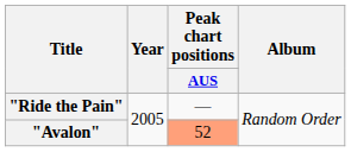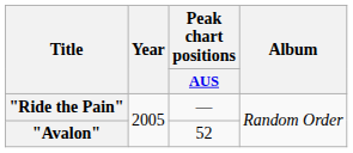 <table class="wikitable plainrowheaders" style="text-align:center;">
 <tr>
 <th scope="col" rowspan="2">Title</th>
 <th scope="col" rowspan="2">Year</th>
 <th scope="col" colspan="1">Peak chart positions</th>
 <th scope="col" rowspan="2">Album</th>
 </tr>
 <tr>
 <th scope="col" style="width:3em;font-size:90%;"><a href='#'>AUS</a><br></th>
 </tr>
 <tr>
 <th scope="row">"Ride the Pain"</th>
 <td rowspan="2">2005</td>
 <td>—</td>
 <td rowspan="2"><em>Random Order</em></td>
 </tr>
 <tr>
 <th scope="row">"Avalon"</th>
-<td style="background: lightsalmon;">52</td>
+<td>52</td>
 </tr>
 </table>
